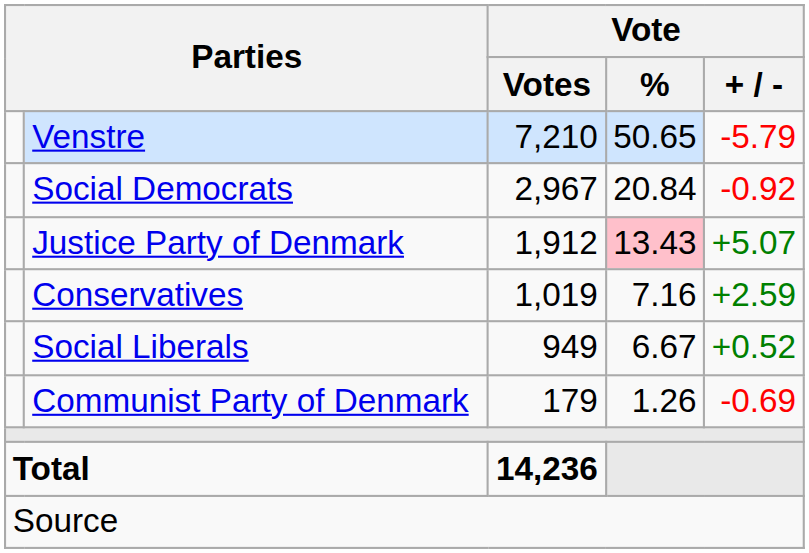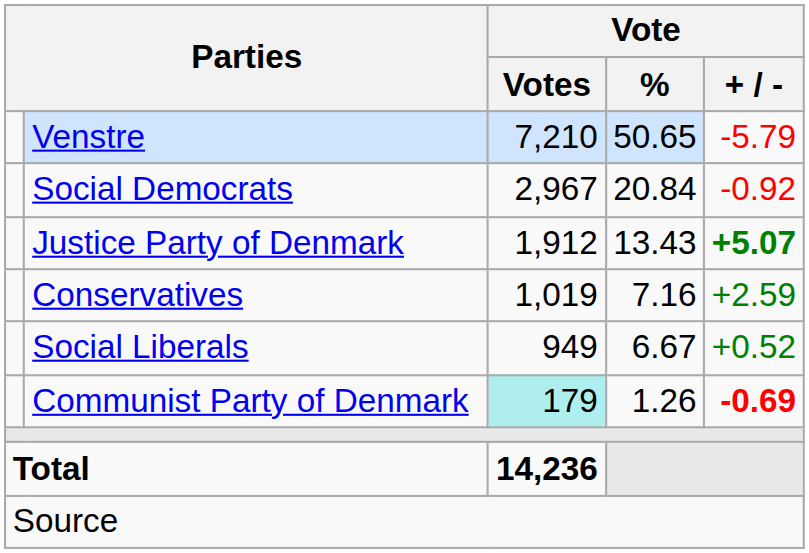 <table class="wikitable" style="text-align:right;">
 <tr>
 <th style="text-align:centre;" rowspan="2" colspan="2" width="225">Parties</th>
 <th colspan="3">Vote</th>
 </tr>
 <tr>
 <th width="15">Votes</th>
 <th width="15">%</th>
 <th width="15">+ / -</th>
 </tr>
 <tr>
 <td width="2" style="color:inherit;background:"></td>
 <td bgcolor=#cfe5fe  align="left"><a href='#'>Venstre</a></td>
 <td bgcolor=#cfe5fe>7,210</td>
 <td bgcolor=#cfe5fe>50.65</td>
 <td style=color:red;>-5.79</td>
 </tr>
 <tr>
 <td width="2" style="color:inherit;background:"></td>
 <td align="left"><a href='#'>Social Democrats</a></td>
 <td>2,967</td>
 <td>20.84</td>
 <td style=color:red;>-0.92</td>
 </tr>
 <tr>
 <td width="2" style="color:inherit;background:"></td>
 <td align="left"><a href='#'>Justice Party of Denmark</a></td>
 <td>1,912</td>
-<td style="background: pink;">13.43</td>
-<td style=color:green;>+5.07</td>
+<td>13.43</td>
+<td style=color:green;><strong>+5.07</strong></td>
 </tr>
 <tr>
 <td width="2" style="color:inherit;background:"></td>
 <td align="left"><a href='#'>Conservatives</a></td>
 <td>1,019</td>
 <td>7.16</td>
 <td style=color:green;>+2.59</td>
 </tr>
 <tr>
 <td width="2" style="color:inherit;background:"></td>
 <td align="left"><a href='#'>Social Liberals</a></td>
 <td>949</td>
 <td>6.67</td>
 <td style=color:green;>+0.52</td>
 </tr>
 <tr>
 <td width="2" style="color:inherit;background:"></td>
 <td align="left"><a href='#'>Communist Party of Denmark</a></td>
-<td>179</td>
+<td style="background: paleturquoise;">179</td>
 <td>1.26</td>
-<td style=color:red;>-0.69</td>
+<td style=color:red;><strong>-0.69</strong></td>
 </tr>
 <tr>
 <td colspan="7" bgcolor="#E9E9E9"></td>
 </tr>
 <tr>
 <td align="left" colspan="2"><strong>Total</strong></td>
 <td><strong>14,236</strong></td>
 <td bgcolor="#E9E9E9" colspan="2"></td>
 </tr>
 <tr>
 <td align="left" colspan="6">Source</td>
 </tr>
 </table>
